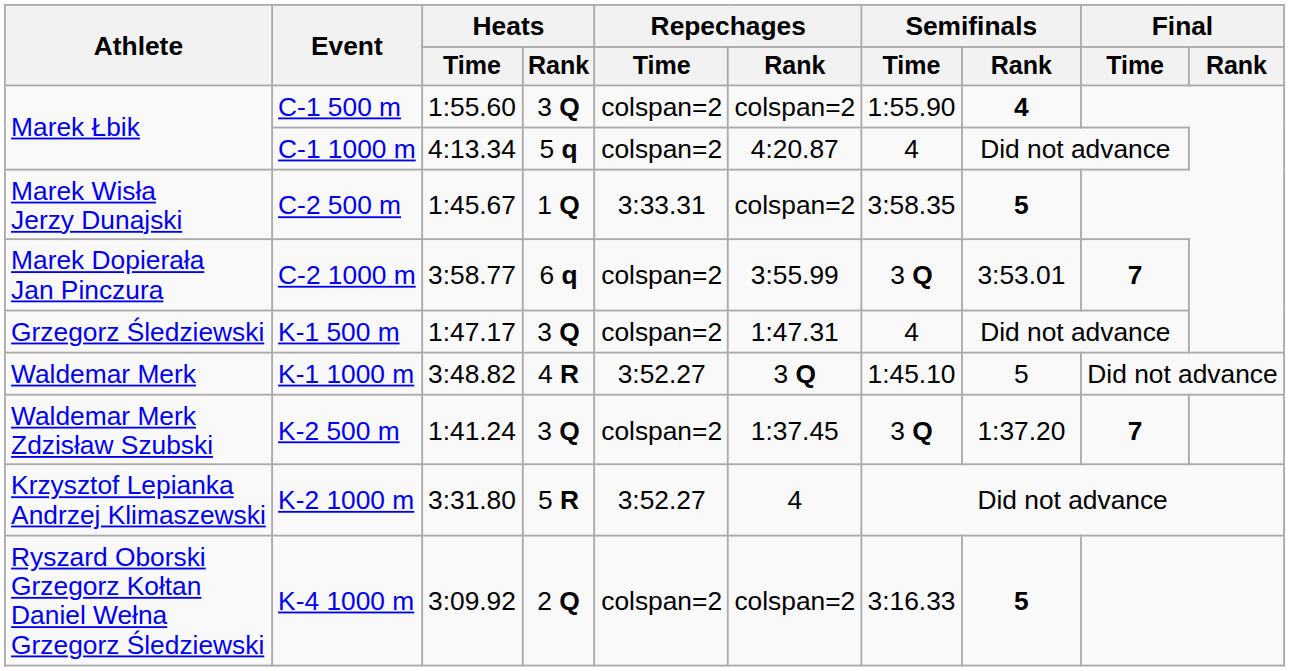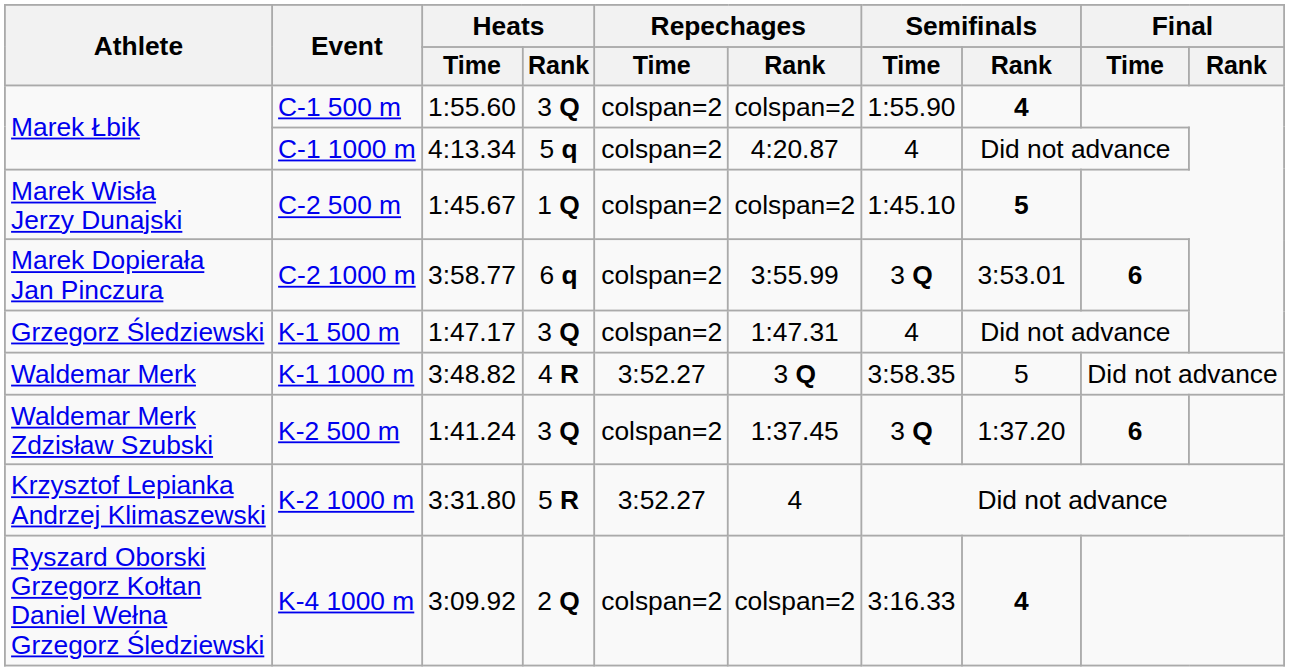 <table class="wikitable" style="font-size:90%">
 <tr>
 <th rowspan=2>Athlete</th>
 <th rowspan=2>Event</th>
 <th colspan=2>Heats</th>
 <th colspan=2>Repechages</th>
 <th colspan=2>Semifinals</th>
 <th colspan=2>Final</th>
 </tr>
 <tr style="font-size:95%">
 <th>Time</th>
 <th>Rank</th>
 <th>Time</th>
 <th>Rank</th>
 <th>Time</th>
 <th>Rank</th>
 <th>Time</th>
 <th>Rank</th>
 </tr>
 <tr align=center>
 <td align=left rowspan=2><a href='#'>Marek Łbik</a></td>
 <td align=left><a href='#'>C-1 500 m</a></td>
 <td>1:55.60</td>
 <td>3 <strong>Q</strong></td>
 <td>colspan=2 </td>
 <td>colspan=2 </td>
 <td>1:55.90</td>
 <td><strong>4</strong></td>
 </tr>
 <tr align=center>
 <td align=left><a href='#'>C-1 1000 m</a></td>
 <td>4:13.34</td>
 <td>5 <strong>q</strong></td>
 <td>colspan=2 </td>
 <td>4:20.87</td>
 <td>4</td>
 <td colspan=2>Did not advance</td>
 </tr>
 <tr align=center>
 <td align=left><a href='#'>Marek Wisła</a><br><a href='#'>Jerzy Dunajski</a></td>
 <td align=left><a href='#'>C-2 500 m</a></td>
 <td>1:45.67</td>
 <td>1 <strong>Q</strong></td>
-<td>3:33.31</td>
 <td>colspan=2 </td>
-<td>3:58.35</td>
+<td>colspan=2 </td>
+<td>1:45.10</td>
 <td><strong>5</strong></td>
 </tr>
 <tr align=center>
 <td align=left><a href='#'>Marek Dopierała</a><br><a href='#'>Jan Pinczura</a></td>
 <td align=left><a href='#'>C-2 1000 m</a></td>
 <td>3:58.77</td>
 <td>6 <strong>q</strong></td>
 <td>colspan=2 </td>
 <td>3:55.99</td>
 <td>3 <strong>Q</strong></td>
 <td>3:53.01</td>
-<td><strong>7</strong></td>
+<td><strong>6</strong></td>
 </tr>
 <tr align=center>
 <td align=left><a href='#'>Grzegorz Śledziewski</a></td>
 <td align=left><a href='#'>K-1 500 m</a></td>
 <td>1:47.17</td>
 <td>3 <strong>Q</strong></td>
 <td>colspan=2 </td>
 <td>1:47.31</td>
 <td>4</td>
 <td colspan=2>Did not advance</td>
 </tr>
 <tr align=center>
 <td align=left><a href='#'>Waldemar Merk</a></td>
 <td align=left><a href='#'>K-1 1000 m</a></td>
 <td>3:48.82</td>
 <td>4 <strong>R</strong></td>
 <td>3:52.27</td>
 <td>3 <strong>Q</strong></td>
-<td>1:45.10</td>
+<td>3:58.35</td>
 <td>5</td>
 <td colspan=2>Did not advance</td>
 </tr>
 <tr align=center>
 <td align=left><a href='#'>Waldemar Merk</a><br><a href='#'>Zdzisław Szubski</a></td>
 <td align=left><a href='#'>K-2 500 m</a></td>
 <td>1:41.24</td>
 <td>3 <strong>Q</strong></td>
 <td>colspan=2 </td>
 <td>1:37.45</td>
 <td>3 <strong>Q</strong></td>
 <td>1:37.20</td>
-<td><strong>7</strong></td>
+<td><strong>6</strong></td>
 </tr>
 <tr align=center>
 <td align=left><a href='#'>Krzysztof Lepianka</a><br><a href='#'>Andrzej Klimaszewski</a></td>
 <td align=left><a href='#'>K-2 1000 m</a></td>
 <td>3:31.80</td>
 <td>5 <strong>R</strong></td>
 <td>3:52.27</td>
 <td>4</td>
 <td colspan=4>Did not advance</td>
 </tr>
 <tr align=center>
 <td align=left><a href='#'>Ryszard Oborski</a><br><a href='#'>Grzegorz Kołtan</a><br><a href='#'>Daniel Wełna</a><br><a href='#'>Grzegorz Śledziewski</a></td>
 <td align=left><a href='#'>K-4 1000 m</a></td>
 <td>3:09.92</td>
 <td>2 <strong>Q</strong></td>
 <td>colspan=2 </td>
 <td>colspan=2 </td>
 <td>3:16.33</td>
-<td><strong>5</strong></td>
+<td><strong>4</strong></td>
 </tr>
 </table>
